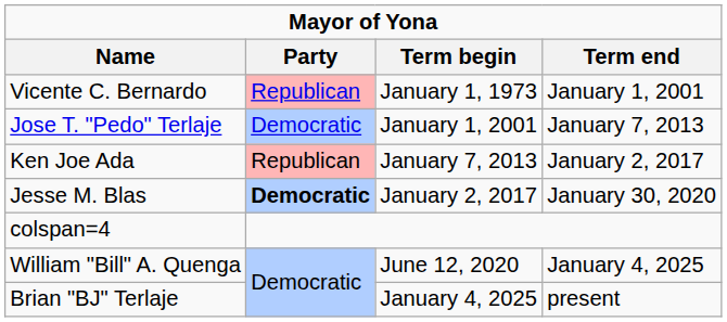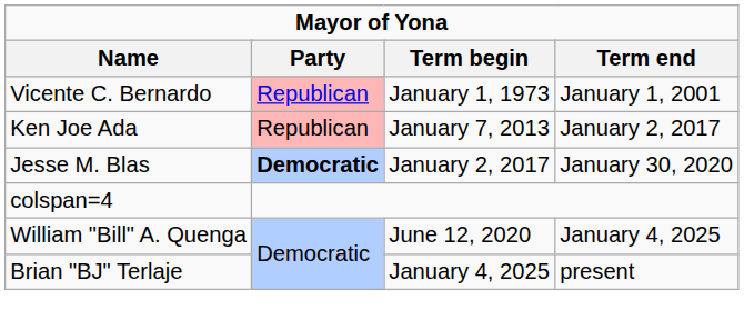 <table class="wikitable">
 <tr>
 <td colspan="4" align=center><strong>Mayor of Yona</strong></td>
 </tr>
 <tr>
 <th>Name</th>
 <th>Party</th>
 <th>Term begin</th>
 <th>Term end</th>
 </tr>
 <tr>
 <td>Vicente C. Bernardo</td>
 <td style="background-color: #FFB6B6;"><a href='#'>Republican</a></td>
 <td>January 1, 1973</td>
 <td>January 1, 2001</td>
-</tr>
-<tr>
-<td><a href='#'>Jose T. "Pedo" Terlaje</a></td>
-<td style="background-color: #B0CEFF;"><a href='#'>Democratic</a></td>
-<td>January 1, 2001</td>
-<td>January 7, 2013</td>
 </tr>
 <tr>
 <td>Ken Joe Ada</td>
 <td style="background-color: #FFB6B6;">Republican</td>
 <td>January 7, 2013</td>
 <td>January 2, 2017</td>
 </tr>
 <tr>
 <td>Jesse M. Blas</td>
 <td style="background-color: #B0CEFF;"><strong>Democratic</strong></td>
 <td>January 2, 2017</td>
 <td>January 30, 2020</td>
 </tr>
 <tr>
 <td>colspan=4 </td>
 </tr>
 <tr>
 <td>William "Bill" A. Quenga</td>
 <td style="background-color: #B0CEFF"; rowspan="2">Democratic</td>
 <td>June 12, 2020</td>
 <td>January 4, 2025</td>
 </tr>
 <tr>
 <td>Brian "BJ" Terlaje</td>
 <td>January 4, 2025</td>
 <td>present</td>
 </tr>
 </table>
